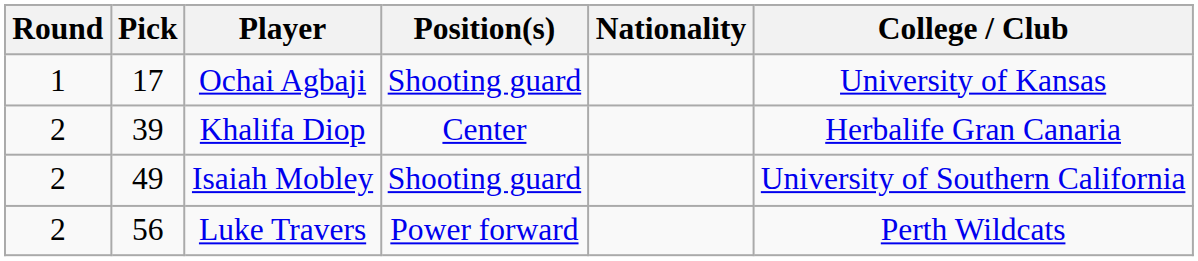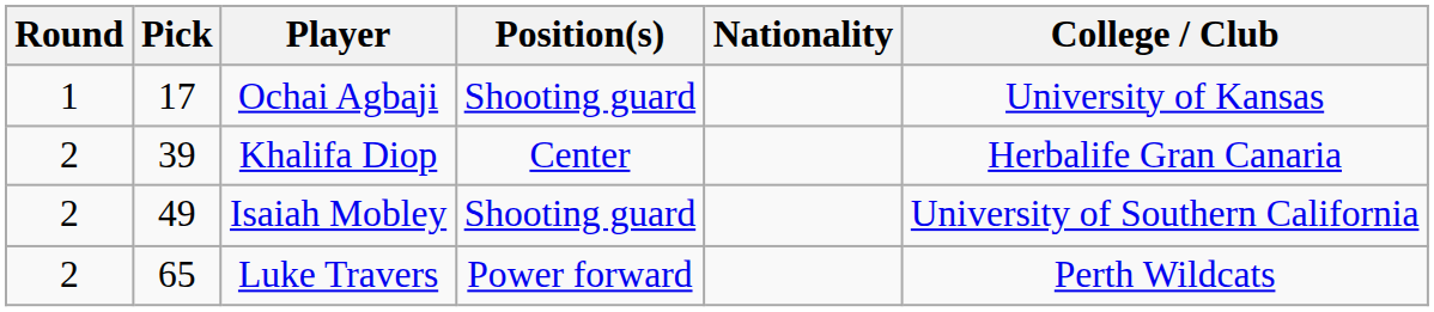 <table class="wikitable sortable sortable">
 <tr>
 <th>Round</th>
 <th>Pick</th>
 <th>Player</th>
 <th>Position(s)</th>
 <th>Nationality</th>
 <th>College / Club</th>
 </tr>
 <tr style="text-align: center">
 <td>1</td>
 <td>17</td>
 <td><a href='#'>Ochai Agbaji</a></td>
 <td><a href='#'>Shooting guard</a></td>
 <td></td>
 <td><a href='#'>University of Kansas</a></td>
 </tr>
 <tr style="text-align: center">
 <td>2</td>
 <td>39</td>
 <td><a href='#'>Khalifa Diop</a></td>
 <td><a href='#'>Center</a></td>
 <td></td>
 <td><a href='#'>Herbalife Gran Canaria</a></td>
 </tr>
 <tr style="text-align: center">
 <td>2</td>
 <td>49</td>
 <td><a href='#'>Isaiah Mobley</a></td>
 <td><a href='#'>Shooting guard</a></td>
 <td></td>
 <td><a href='#'>University of Southern California</a></td>
 </tr>
 <tr style="text-align: center">
 <td>2</td>
-<td>56</td>
+<td>65</td>
 <td><a href='#'>Luke Travers</a></td>
 <td><a href='#'>Power forward</a></td>
 <td></td>
 <td><a href='#'>Perth Wildcats</a></td>
 </tr>
 </table>
